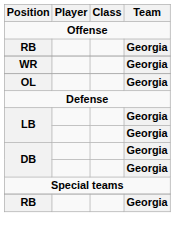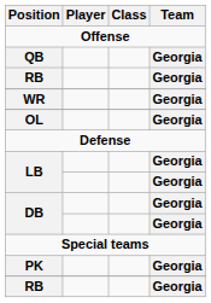 <table class="wikitable">
 <tr>
 <th>Position</th>
 <th>Player</th>
 <th>Class</th>
 <th>Team</th>
 </tr>
 <tr>
 <td colspan="4" style="text-align:center; "><strong>Offense</strong></td>
+</tr>
+<tr style="text-align:center;">
+<th rowspan="1">QB</th>
+<td></td>
+<td></td>
+<th style=>Georgia</th>
 </tr>
 <tr style="text-align:center;">
 <th rowspan="1">RB</th>
 <td></td>
 <td></td>
 <th style=>Georgia</th>
 </tr>
 <tr>
 </tr>
 <tr style="text-align:center;">
 <th rowspan="1">WR</th>
 <td></td>
 <td></td>
 <th style=>Georgia</th>
 </tr>
 <tr>
 </tr>
 <tr style="text-align:center;">
 <th rowspan="1">OL</th>
 <td></td>
 <td></td>
 <th style=>Georgia</th>
 </tr>
 <tr>
 <td colspan="4" style="text-align:center; "><strong>Defense</strong></td>
 </tr>
 <tr style="text-align:center;">
 <th rowspan="2">LB</th>
 <td></td>
 <td></td>
 <th style=>Georgia</th>
 </tr>
 <tr style="text-align:center;">
 <td></td>
 <td></td>
 <th style=>Georgia</th>
 </tr>
 <tr style="text-align:center;">
 <th rowspan="2">DB</th>
 <td></td>
 <td></td>
 <th style=>Georgia</th>
 </tr>
 <tr style="text-align:center;">
 <td></td>
 <td></td>
 <th style=>Georgia</th>
 </tr>
 <tr>
 <td colspan="4" style="text-align:center; "><strong>Special teams</strong></td>
 </tr>
+<tr style="text-align:center;">
+<th rowspan="1">PK</th>
+<td></td>
+<td></td>
+<th style=>Georgia</th>
+</tr>
 <tr>
 </tr>
 <tr style="text-align:center;">
 <th rowspan="1">RB</th>
 <td></td>
 <td></td>
 <th style=>Georgia</th>
 </tr>
 </table>
